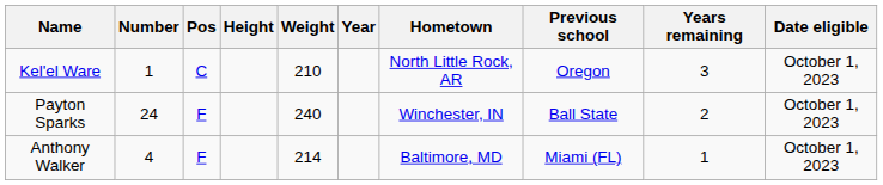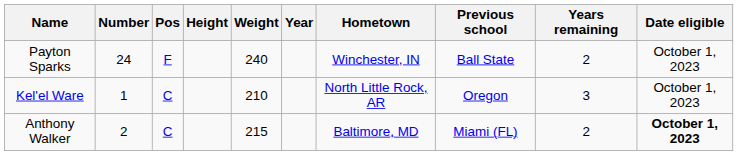 <table class="wikitable sortable sortable" style="text-align: center">
 <tr align="center">
 <th>Name</th>
 <th>Number</th>
 <th>Pos</th>
 <th>Height</th>
 <th>Weight</th>
 <th>Year</th>
 <th>Hometown</th>
 <th>Previous school</th>
 <th>Years remaining</th>
 <th>Date eligible</th>
 </tr>
 <tr>
+<td>Payton Sparks</td>
+<td>24</td>
+<td><a href='#'>F</a></td>
+<td></td>
+<td>240</td>
+<td></td>
+<td><a href='#'>Winchester, IN</a></td>
+<td><a href='#'>Ball State</a></td>
+<td>2</td>
+<td>October 1, 2023</td>
+</tr>
+<tr>
 <td><a href='#'>Kel'el Ware</a></td>
 <td>1</td>
 <td><a href='#'>C</a></td>
 <td></td>
 <td>210</td>
 <td></td>
 <td><a href='#'>North Little Rock, AR</a></td>
 <td><a href='#'>Oregon</a></td>
 <td>3</td>
 <td>October 1, 2023</td>
 </tr>
 <tr>
-<td>Payton Sparks</td>
-<td>24</td>
-<td><a href='#'>F</a></td>
+<td>Anthony Walker</td>
+<td>2</td>
+<td><a href='#'>C</a></td>
 <td></td>
-<td>240</td>
-<td></td>
-<td><a href='#'>Winchester, IN</a></td>
-<td><a href='#'>Ball State</a></td>
-<td>2</td>
-<td>October 1, 2023</td>
-</tr>
-<tr>
-<td>Anthony Walker</td>
-<td>4</td>
-<td><a href='#'>F</a></td>
-<td></td>
-<td>214</td>
+<td>215</td>
 <td></td>
 <td><a href='#'>Baltimore, MD</a></td>
 <td><a href='#'>Miami (FL)</a></td>
-<td>1</td>
-<td>October 1, 2023</td>
+<td>2</td>
+<td><strong>October 1, 2023</strong></td>
 </tr>
 </table>
